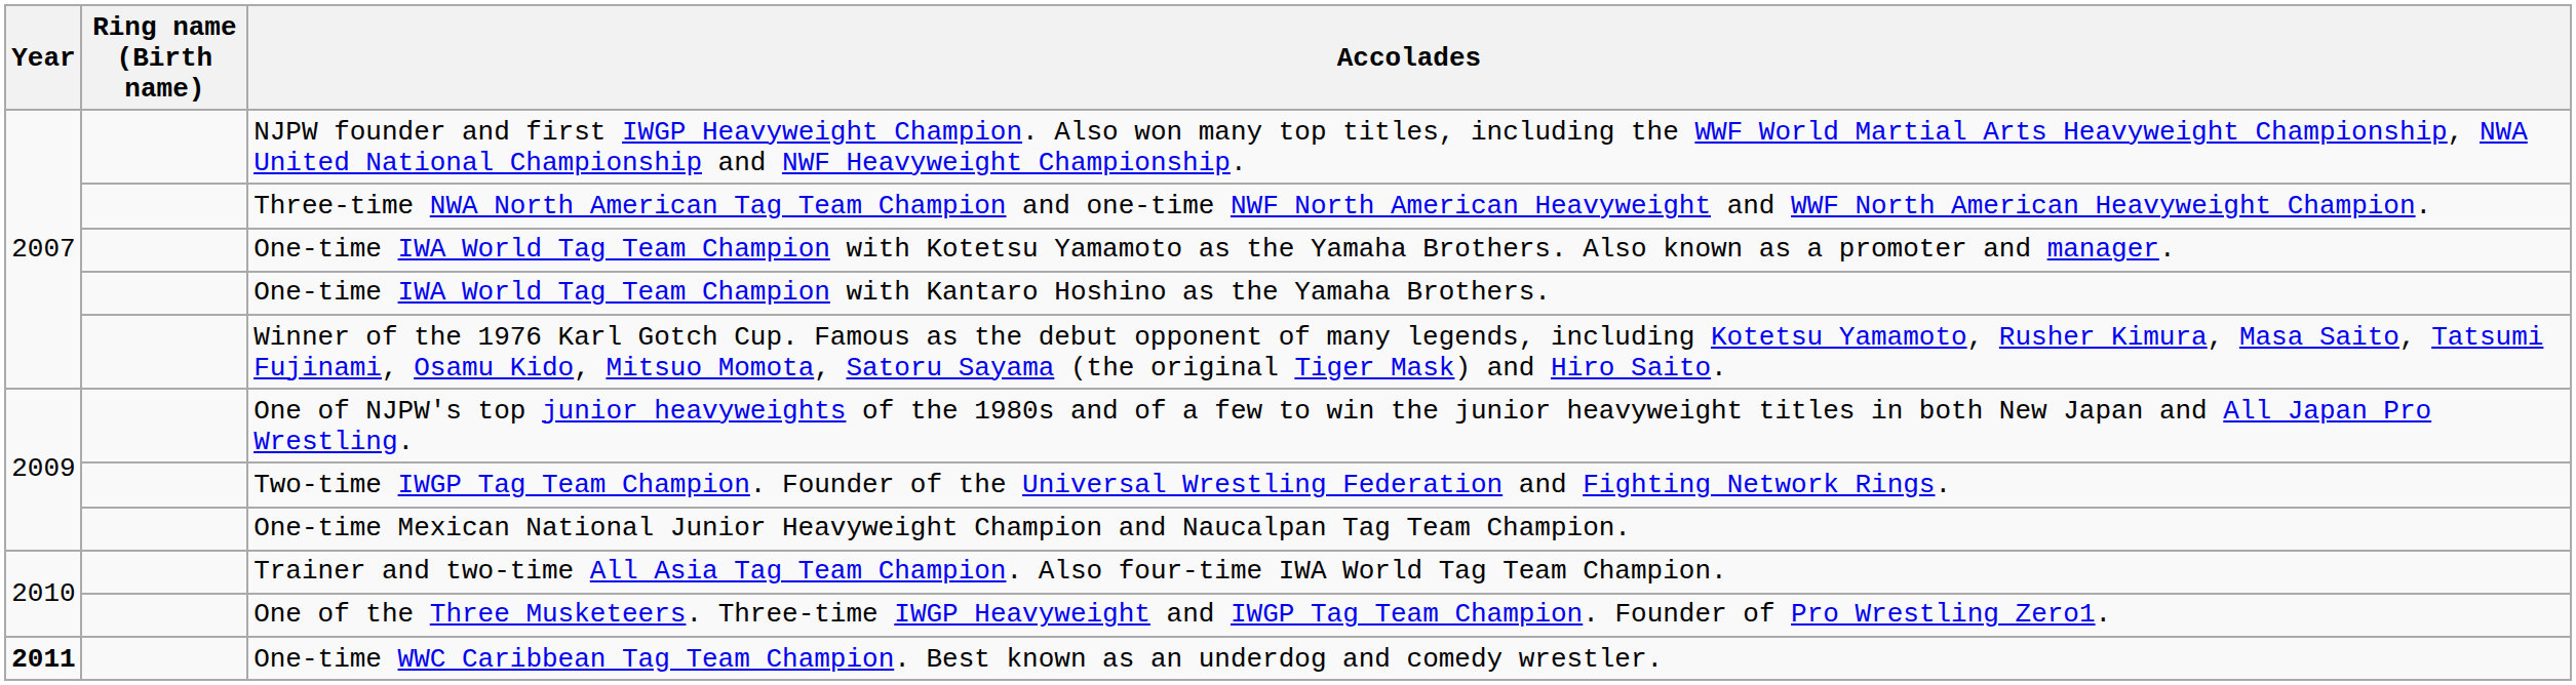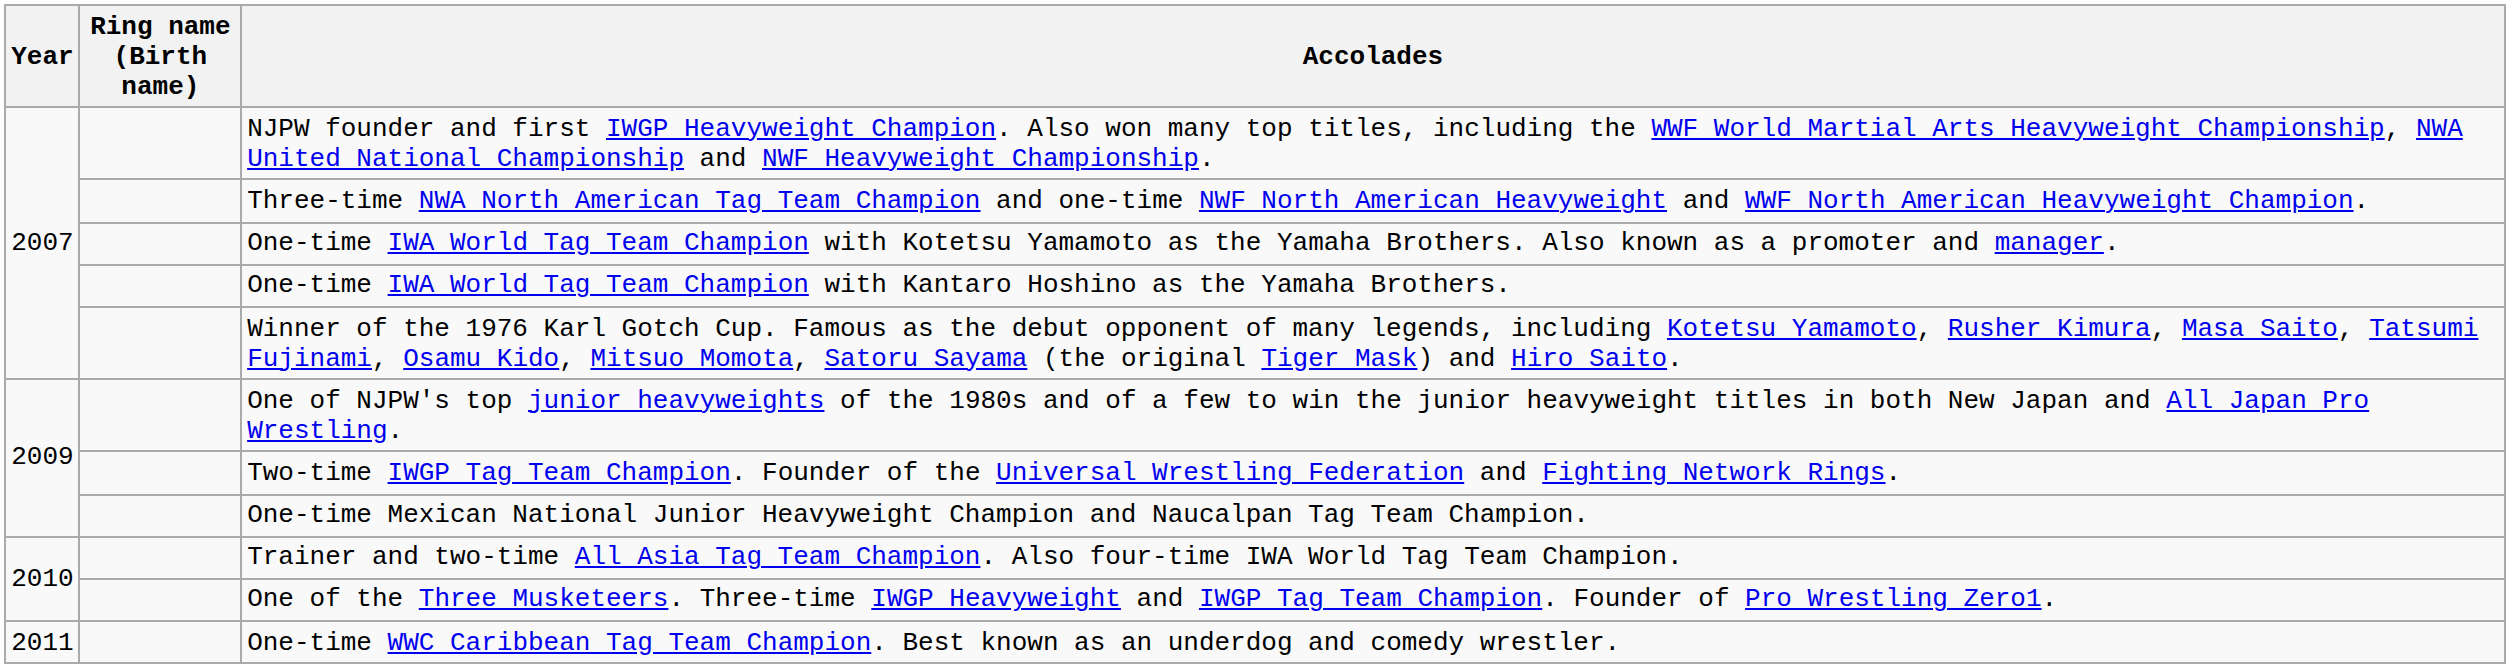 <table class="wikitable sortable">
 <tr>
 <th>Year</th>
 <th>Ring name<br>(Birth name)</th>
 <th class="unsortable">Accolades</th>
 </tr>
 <tr>
 <td rowspan="5">2007</td>
 <td><br></td>
 <td>NJPW founder and first <a href='#'>IWGP Heavyweight Champion</a>. Also won many top titles, including the <a href='#'>WWF World Martial Arts Heavyweight Championship</a>, <a href='#'>NWA United National Championship</a> and <a href='#'>NWF Heavyweight Championship</a>.</td>
 </tr>
 <tr>
 <td></td>
 <td>Three-time <a href='#'>NWA North American Tag Team Champion</a> and one-time <a href='#'>NWF North American Heavyweight</a> and <a href='#'>WWF North American Heavyweight Champion</a>.</td>
 </tr>
 <tr>
 <td><br></td>
 <td>One-time <a href='#'>IWA World Tag Team Champion</a> with Kotetsu Yamamoto as the Yamaha Brothers. Also known as a promoter and <a href='#'>manager</a>.</td>
 </tr>
 <tr>
 <td><br></td>
 <td>One-time <a href='#'>IWA World Tag Team Champion</a> with Kantaro Hoshino as the Yamaha Brothers.</td>
 </tr>
 <tr>
 <td><br></td>
 <td>Winner of the 1976 Karl Gotch Cup. Famous as the debut opponent of many legends, including <a href='#'>Kotetsu Yamamoto</a>, <a href='#'>Rusher Kimura</a>, <a href='#'>Masa Saito</a>, <a href='#'>Tatsumi Fujinami</a>, <a href='#'>Osamu Kido</a>, <a href='#'>Mitsuo Momota</a>, <a href='#'>Satoru Sayama</a> (the original <a href='#'>Tiger Mask</a>) and <a href='#'>Hiro Saito</a>.</td>
 </tr>
 <tr>
 <td rowspan="3">2009</td>
 <td></td>
 <td>One of NJPW's top <a href='#'>junior heavyweights</a> of the 1980s and of a few to win the junior heavyweight titles in both New Japan and <a href='#'>All Japan Pro Wrestling</a>.</td>
 </tr>
 <tr>
 <td><br></td>
 <td>Two-time <a href='#'>IWGP Tag Team Champion</a>. Founder of the <a href='#'>Universal Wrestling Federation</a> and <a href='#'>Fighting Network Rings</a>.</td>
 </tr>
 <tr>
 <td><br></td>
 <td>One-time Mexican National Junior Heavyweight Champion and Naucalpan Tag Team Champion.</td>
 </tr>
 <tr>
 <td rowspan="2">2010</td>
 <td><br></td>
 <td>Trainer and two-time <a href='#'>All Asia Tag Team Champion</a>. Also four-time IWA World Tag Team Champion.</td>
 </tr>
 <tr>
 <td></td>
 <td>One of the <a href='#'>Three Musketeers</a>. Three-time <a href='#'>IWGP Heavyweight</a> and <a href='#'>IWGP Tag Team Champion</a>. Founder of <a href='#'>Pro Wrestling Zero1</a>.</td>
 </tr>
 <tr>
-<td rowspan="1"><strong>2011</strong></td>
+<td rowspan="1">2011</td>
 <td><br></td>
 <td>One-time <a href='#'>WWC Caribbean Tag Team Champion</a>. Best known as an underdog and comedy wrestler.</td>
 </tr>
 </table>
